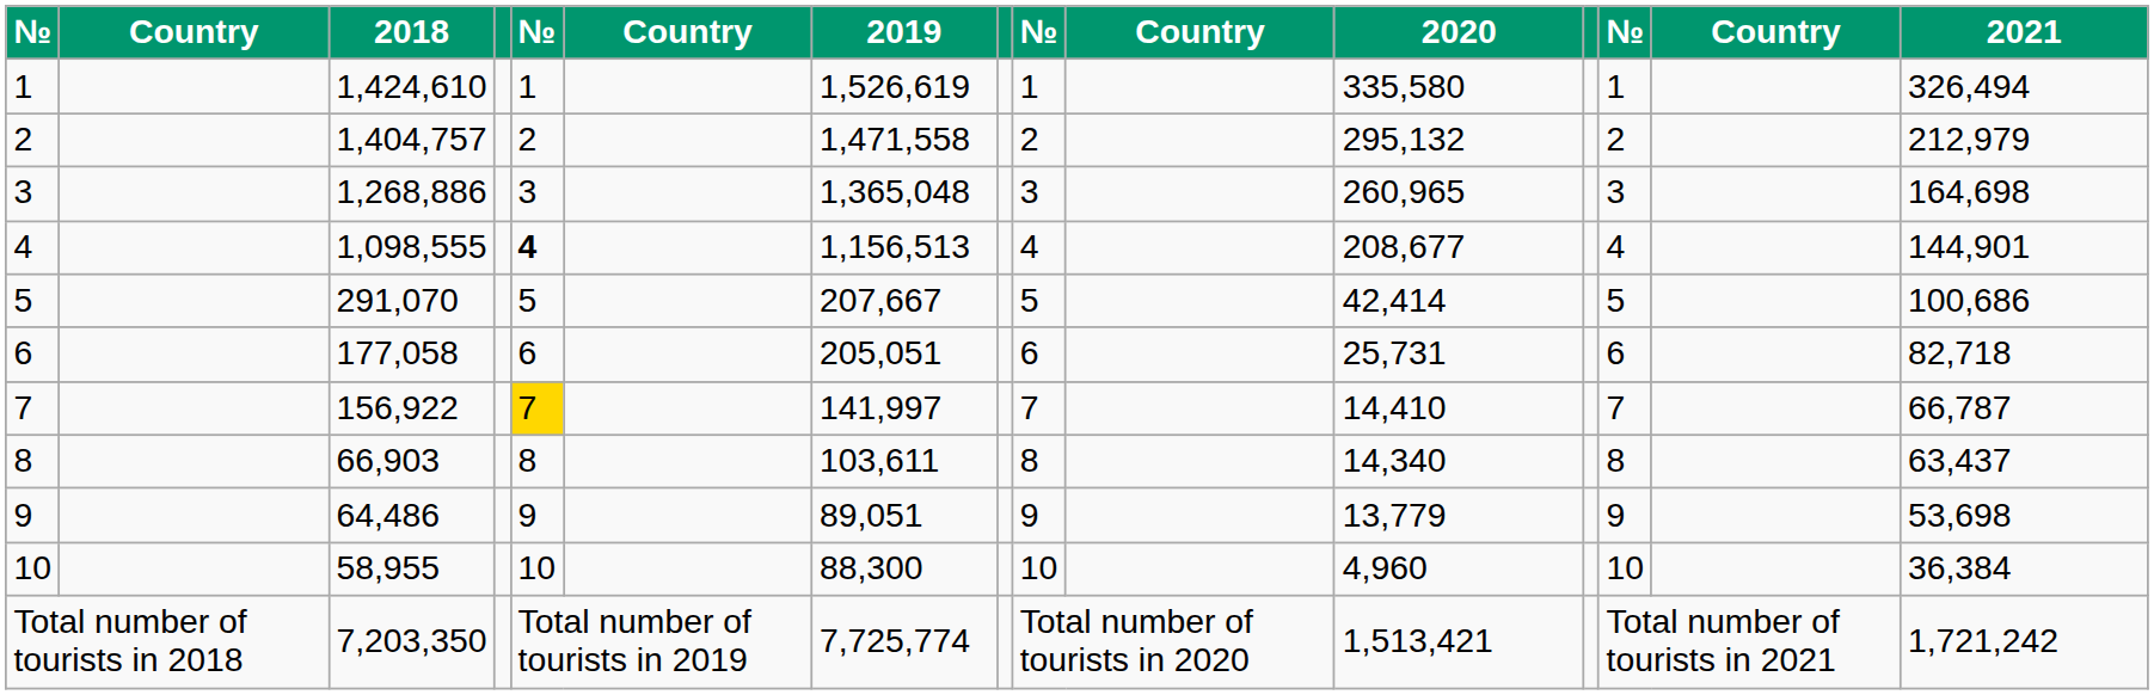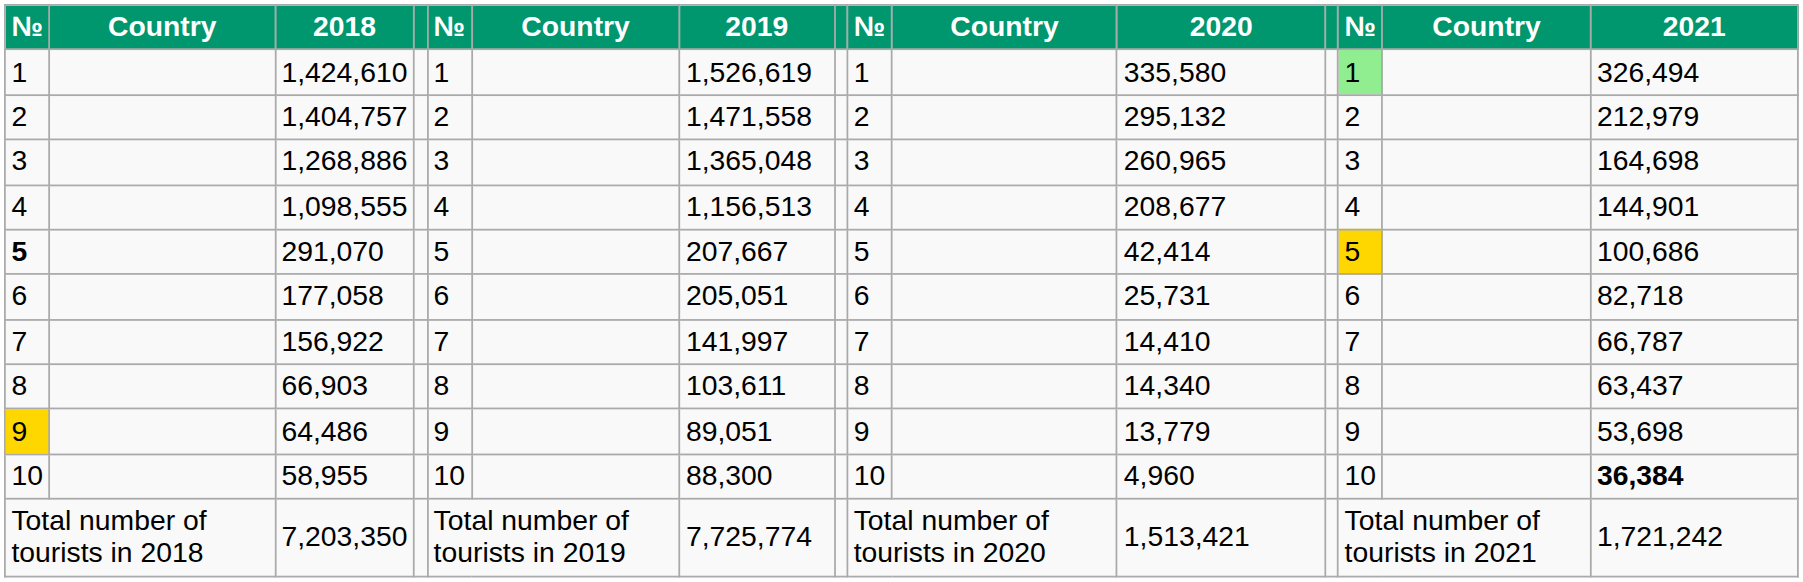 <table class="wikitable">
 <tr style="color:white;">
 <th style="width:2px; background:#00966E;">№</th>
 <th style="width:120px; background:#00966E;">Country</th>
 <th style="width:50px; background:#00966E;">2018</th>
 <th style="background-color:#00966E;"></th>
 <th style="width:2px; background:#00966E;">№</th>
 <th style="width:110px; background:#00966E;">Country</th>
 <th style="width:80px; background:#00966E;">2019</th>
 <th style="background-color:#00966E;"></th>
 <th style="width:2px; background:#00966E;">№</th>
 <th style="width:120px; background:#00966E;">Country</th>
 <th style="width:110px; background:#00966E;">2020</th>
 <th style="background-color:#00966E;"></th>
 <th style="width:2px; background:#00966E;">№</th>
 <th style="width:110px; background:#00966E;">Country</th>
 <th style="width:110px; background:#00966E;">2021</th>
 </tr>
 <tr>
 <td>1</td>
 <td></td>
 <td> 1,424,610</td>
 <td></td>
 <td>1</td>
 <td></td>
 <td> 1,526,619</td>
 <td></td>
 <td>1</td>
 <td></td>
 <td>  335,580</td>
 <td></td>
-<td>1</td>
+<td style="background: lightgreen;">1</td>
 <td></td>
 <td> 326,494</td>
 </tr>
 <tr>
 <td>2</td>
 <td></td>
 <td> 1,404,757</td>
 <td></td>
 <td>2</td>
 <td></td>
 <td> 1,471,558</td>
 <td></td>
 <td>2</td>
 <td></td>
 <td> 295,132</td>
 <td></td>
 <td>2</td>
 <td></td>
 <td> 212,979</td>
 </tr>
 <tr>
 <td>3</td>
 <td></td>
 <td> 1,268,886</td>
 <td></td>
 <td>3</td>
 <td></td>
 <td> 1,365,048</td>
 <td></td>
 <td>3</td>
 <td></td>
 <td> 260,965</td>
 <td></td>
 <td>3</td>
 <td></td>
 <td> 164,698</td>
 </tr>
 <tr>
 <td>4</td>
 <td></td>
 <td> 1,098,555</td>
 <td></td>
-<td><strong>4</strong></td>
+<td>4</td>
 <td></td>
 <td> 1,156,513</td>
 <td></td>
 <td>4</td>
 <td></td>
 <td>  208,677</td>
 <td></td>
 <td>4</td>
 <td></td>
 <td> 144,901</td>
 </tr>
 <tr>
-<td>5</td>
+<td><strong>5</strong></td>
 <td></td>
 <td> 291,070</td>
 <td></td>
 <td>5</td>
 <td></td>
 <td> 207,667</td>
 <td></td>
 <td>5</td>
 <td></td>
 <td> 42,414</td>
 <td></td>
-<td>5</td>
+<td style="background: gold;">5</td>
 <td></td>
 <td> 100,686</td>
 </tr>
 <tr>
 <td>6</td>
 <td></td>
 <td> 177,058</td>
 <td></td>
 <td>6</td>
 <td></td>
 <td> 205,051</td>
 <td></td>
 <td>6</td>
 <td></td>
 <td> 25,731</td>
 <td></td>
 <td>6</td>
 <td></td>
 <td> 82,718</td>
 </tr>
 <tr>
 <td>7</td>
 <td></td>
 <td> 156,922</td>
 <td></td>
-<td style="background: gold;">7</td>
+<td>7</td>
 <td></td>
 <td> 141,997</td>
 <td></td>
 <td>7</td>
 <td></td>
 <td>14,410</td>
 <td></td>
 <td>7</td>
 <td></td>
 <td> 66,787</td>
 </tr>
 <tr>
 <td>8</td>
 <td></td>
 <td> 66,903</td>
 <td></td>
 <td>8</td>
 <td></td>
 <td> 103,611</td>
 <td></td>
 <td>8</td>
 <td></td>
 <td>14,340</td>
 <td></td>
 <td>8</td>
 <td></td>
 <td> 63,437</td>
 </tr>
 <tr>
-<td>9</td>
+<td style="background: gold;">9</td>
 <td></td>
 <td> 64,486</td>
 <td></td>
 <td>9</td>
 <td></td>
 <td> 89,051</td>
 <td></td>
 <td>9</td>
 <td></td>
 <td> 13,779</td>
 <td></td>
 <td>9</td>
 <td></td>
 <td> 53,698</td>
 </tr>
 <tr>
 <td>10</td>
 <td></td>
 <td> 58,955</td>
 <td></td>
 <td>10</td>
 <td></td>
 <td> 88,300</td>
 <td></td>
 <td>10</td>
 <td></td>
 <td>4,960</td>
 <td></td>
 <td>10</td>
 <td></td>
-<td> 36,384</td>
+<td><strong> 36,384</strong></td>
 </tr>
 <tr>
 <td colspan="2">Total number of tourists in 2018</td>
 <td>7,203,350</td>
 <td></td>
 <td colspan="2">Total number of tourists in 2019</td>
 <td>7,725,774</td>
 <td></td>
 <td colspan="2">Total number of tourists in 2020</td>
 <td>1,513,421</td>
 <td></td>
 <td colspan="2">Total number of tourists in 2021</td>
 <td>1,721,242</td>
 </tr>
 </table>
